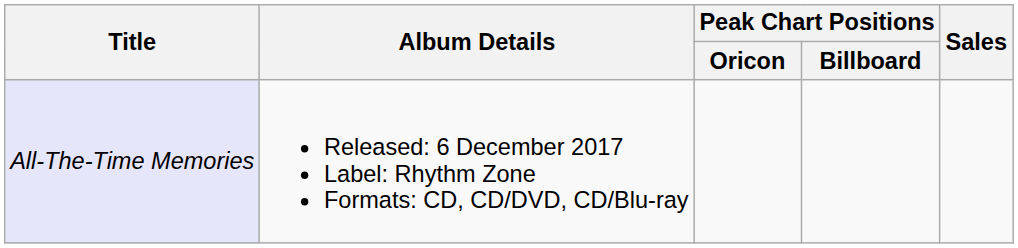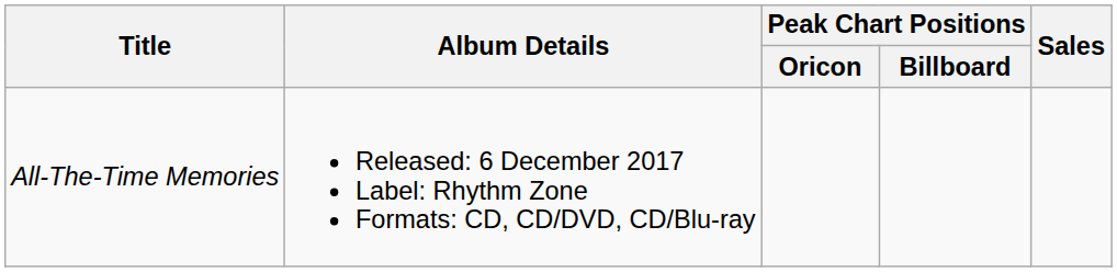 <table class="wikitable">
 <tr>
 <th rowspan="2">Title</th>
 <th rowspan="2">Album Details</th>
 <th colspan="2">Peak Chart Positions</th>
 <th rowspan="2">Sales</th>
 </tr>
 <tr>
 <th>Oricon</th>
 <th>Billboard</th>
 </tr>
 <tr>
-<td style="background: lavender;"><em>All-The-Time Memories</em></td>
+<td><em>All-The-Time Memories</em></td>
 <td><br><ul><li>Released: 6 December 2017</li><li>Label: Rhythm Zone</li><li>Formats: CD, CD/DVD, CD/Blu-ray</li></ul></td>
 <td></td>
 <td></td>
 <td></td>
 </tr>
 </table>
